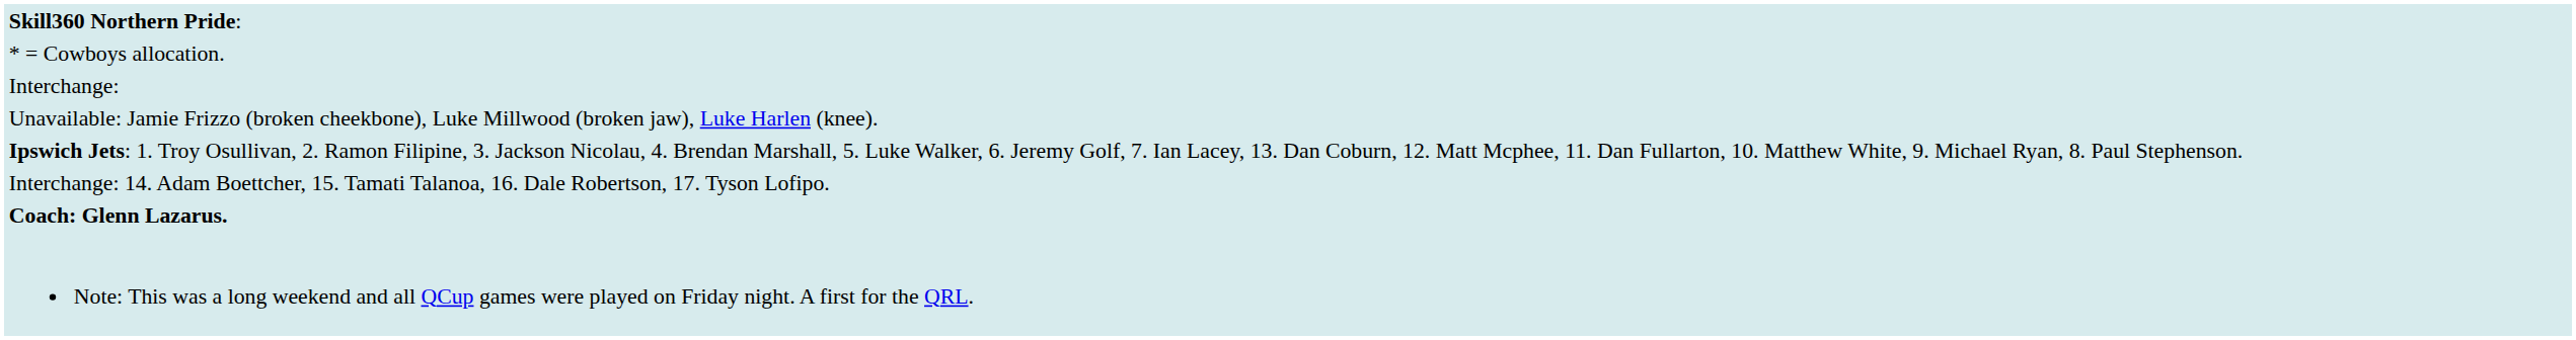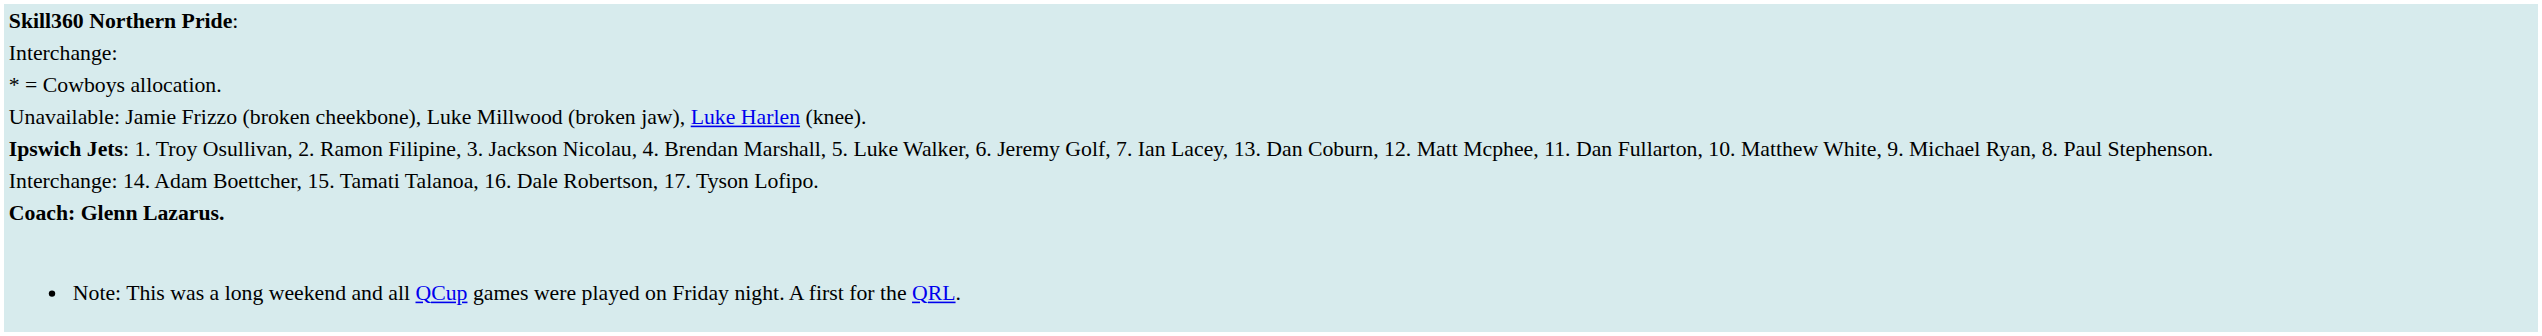 <table style="background:#d7ebed; font-size:85%; width:100%;">
 <tr>
 <td><strong>Skill360 Northern Pride</strong>:             </td>
 </tr>
 <tr>
-<td>* = Cowboys allocation.</td>
+<td>Interchange:    </td>
 </tr>
 <tr>
-<td>Interchange:    </td>
+<td>* = Cowboys allocation.</td>
 </tr>
 <tr>
 <td>Unavailable: Jamie Frizzo (broken cheekbone), Luke Millwood (broken jaw), <a href='#'>Luke Harlen</a> (knee).</td>
 </tr>
 <tr>
 <td><strong>Ipswich Jets</strong>: 1. Troy Osullivan, 2. Ramon Filipine, 3. Jackson Nicolau, 4. Brendan Marshall, 5. Luke Walker, 6. Jeremy Golf, 7. Ian Lacey, 13. Dan Coburn, 12. Matt Mcphee, 11. Dan Fullarton, 10. Matthew White, 9. Michael Ryan, 8. Paul Stephenson.</td>
 </tr>
 <tr>
 <td>Interchange: 14. Adam Boettcher, 15. Tamati Talanoa, 16. Dale Robertson, 17. Tyson Lofipo.</td>
 </tr>
 <tr>
 <td><strong>Coach: Glenn Lazarus.</strong></td>
 </tr>
 <tr>
 <td><br><ul><li>Note: This was a long weekend and all <a href='#'>QCup</a> games were played on Friday night. A first for the <a href='#'>QRL</a>.</li></ul></td>
 </tr>
 </table>
